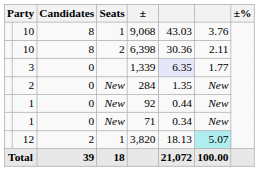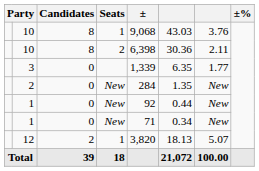 <table class=wikitable>
 <tr>
 <th colspan=2 align=center>Party</th>
 <th>Candidates</th>
 <th>Seats</th>
 <th>±</th>
 <th></th>
 <th></th>
 <th>±%</th>
 </tr>
 <tr>
 <td></td>
 <td align=right>10</td>
 <td align=right>8</td>
 <td align=right>1</td>
 <td align=right>9,068</td>
 <td align=right>43.03</td>
 <td align=right>3.76</td>
 </tr>
 <tr>
 <td></td>
 <td align=right>10</td>
 <td align=right>8</td>
 <td align=right>2</td>
 <td align=right>6,398</td>
 <td align=right>30.36</td>
 <td align=right>2.11</td>
 </tr>
 <tr>
 <td></td>
 <td align=right>3</td>
 <td align=right>0</td>
 <td align=right></td>
 <td align=right>1,339</td>
-<td align=right style="background: lavender;">6.35</td>
+<td align=right>6.35</td>
 <td align=right>1.77</td>
 </tr>
 <tr>
 <td></td>
 <td align=right>2</td>
 <td align=right>0</td>
 <td align=right><em>New</em></td>
 <td align=right>284</td>
 <td align=right>1.35</td>
 <td align=right><em>New</em></td>
 </tr>
 <tr>
 <td></td>
 <td align=right>1</td>
 <td align=right>0</td>
 <td align=right><em>New</em></td>
 <td align=right>92</td>
 <td align=right>0.44</td>
 <td align=right><em>New</em></td>
 </tr>
 <tr>
 <td></td>
 <td align=right>1</td>
 <td align=right>0</td>
 <td align=right><em>New</em></td>
 <td align=right>71</td>
 <td align=right>0.34</td>
 <td align=right><em>New</em></td>
 </tr>
 <tr>
 <td></td>
 <td align=right>12</td>
 <td align=right>2</td>
 <td align=right>1</td>
 <td align=right>3,820</td>
 <td align=right>18.13</td>
-<td align=right style="background: paleturquoise;">5.07</td>
+<td align=right>5.07</td>
 </tr>
 <tr style="font-weight:bold; background:rgb(232,232,232);">
 <td colspan=2 align=center>Total</td>
 <td align=right>39</td>
 <td align=right>18</td>
 <td align=center></td>
 <td align=right>21,072</td>
 <td align=center>100.00</td>
 <td align=center></td>
 </tr>
 </table>
